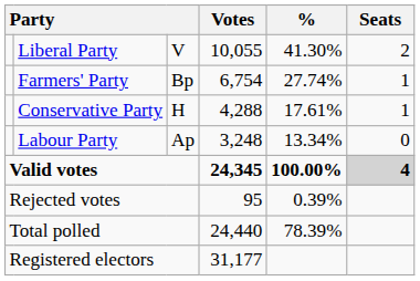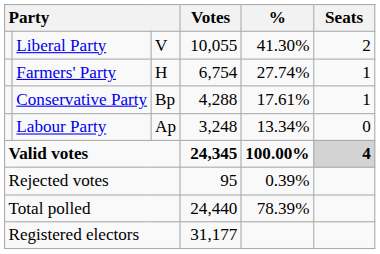 <table class="wikitable" border="1" style="text-align:right;">
 <tr>
 <th style="text-align:left;" colspan=3>Party</th>
 <th align=center width="50">Votes</th>
 <th align=center width="50">%</th>
 <th align=center width="50">Seats</th>
 </tr>
 <tr>
 <td style="color:inherit;background:"></td>
 <td align=left><a href='#'>Liberal Party</a></td>
 <td align=left>V</td>
 <td>10,055</td>
 <td>41.30%</td>
 <td>2</td>
 </tr>
 <tr>
 <td style="color:inherit;background:"></td>
 <td align=left><a href='#'>Farmers' Party</a></td>
-<td align=left>Bp</td>
+<td align=left>H</td>
 <td>6,754</td>
 <td>27.74%</td>
 <td>1</td>
 </tr>
 <tr>
 <td style="color:inherit;background:"></td>
 <td align=left><a href='#'>Conservative Party</a></td>
-<td align=left>H</td>
+<td align=left>Bp</td>
 <td>4,288</td>
 <td>17.61%</td>
 <td>1</td>
 </tr>
 <tr>
 <td style="color:inherit;background:"></td>
 <td align=left><a href='#'>Labour Party</a></td>
 <td align=left>Ap</td>
 <td>3,248</td>
 <td>13.34%</td>
 <td>0</td>
 </tr>
 <tr style="font-weight:bold">
 <td align=left colspan=3>Valid votes</td>
 <td>24,345</td>
 <td>100.00%</td>
 <td style="background: lightgrey;">4</td>
 </tr>
 <tr>
 <td align=left colspan=3>Rejected votes</td>
 <td>95</td>
 <td>0.39%</td>
 <td></td>
 </tr>
 <tr>
 <td align=left colspan=3>Total polled</td>
 <td>24,440</td>
 <td>78.39%</td>
 <td></td>
 </tr>
 <tr>
 <td align=left colspan=3>Registered electors</td>
 <td>31,177</td>
 <td></td>
 <td></td>
 </tr>
 </table>
